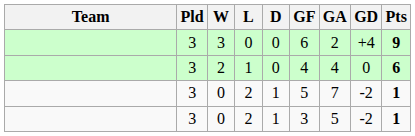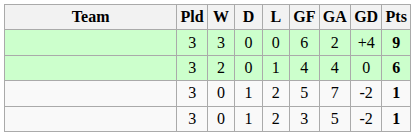 <table class="wikitable" style="text-align:center;">
 <tr>
 <th width=165>Team</th>
 <th width=20>Pld</th>
 <th width=20>W</th>
+<th width=20>D</th>
 <th width=20>L</th>
-<th width=20>D</th>
 <th width=20>GF</th>
 <th width=20>GA</th>
 <th width=20>GD</th>
 <th width=20>Pts</th>
 </tr>
 <tr align=center style="background:#ccffcc;">
 <td style="text-align:left;"></td>
 <td>3</td>
 <td>3</td>
 <td>0</td>
 <td>0</td>
 <td>6</td>
 <td>2</td>
 <td>+4</td>
 <td><strong>9</strong></td>
 </tr>
 <tr align=center style="background:#ccffcc">
 <td style="text-align:left;"></td>
 <td>3</td>
 <td>2</td>
+<td>0</td>
 <td>1</td>
-<td>0</td>
 <td>4</td>
 <td>4</td>
 <td>0</td>
 <td><strong>6</strong></td>
 </tr>
 <tr>
 <td style="text-align:left;"></td>
 <td>3</td>
 <td>0</td>
+<td>1</td>
 <td>2</td>
-<td>1</td>
 <td>5</td>
 <td>7</td>
 <td>-2</td>
 <td><strong>1</strong></td>
 </tr>
 <tr>
 <td style="text-align:left;"></td>
 <td>3</td>
 <td>0</td>
+<td>1</td>
 <td>2</td>
-<td>1</td>
 <td>3</td>
 <td>5</td>
 <td>-2</td>
 <td><strong>1</strong></td>
 </tr>
 </table>
